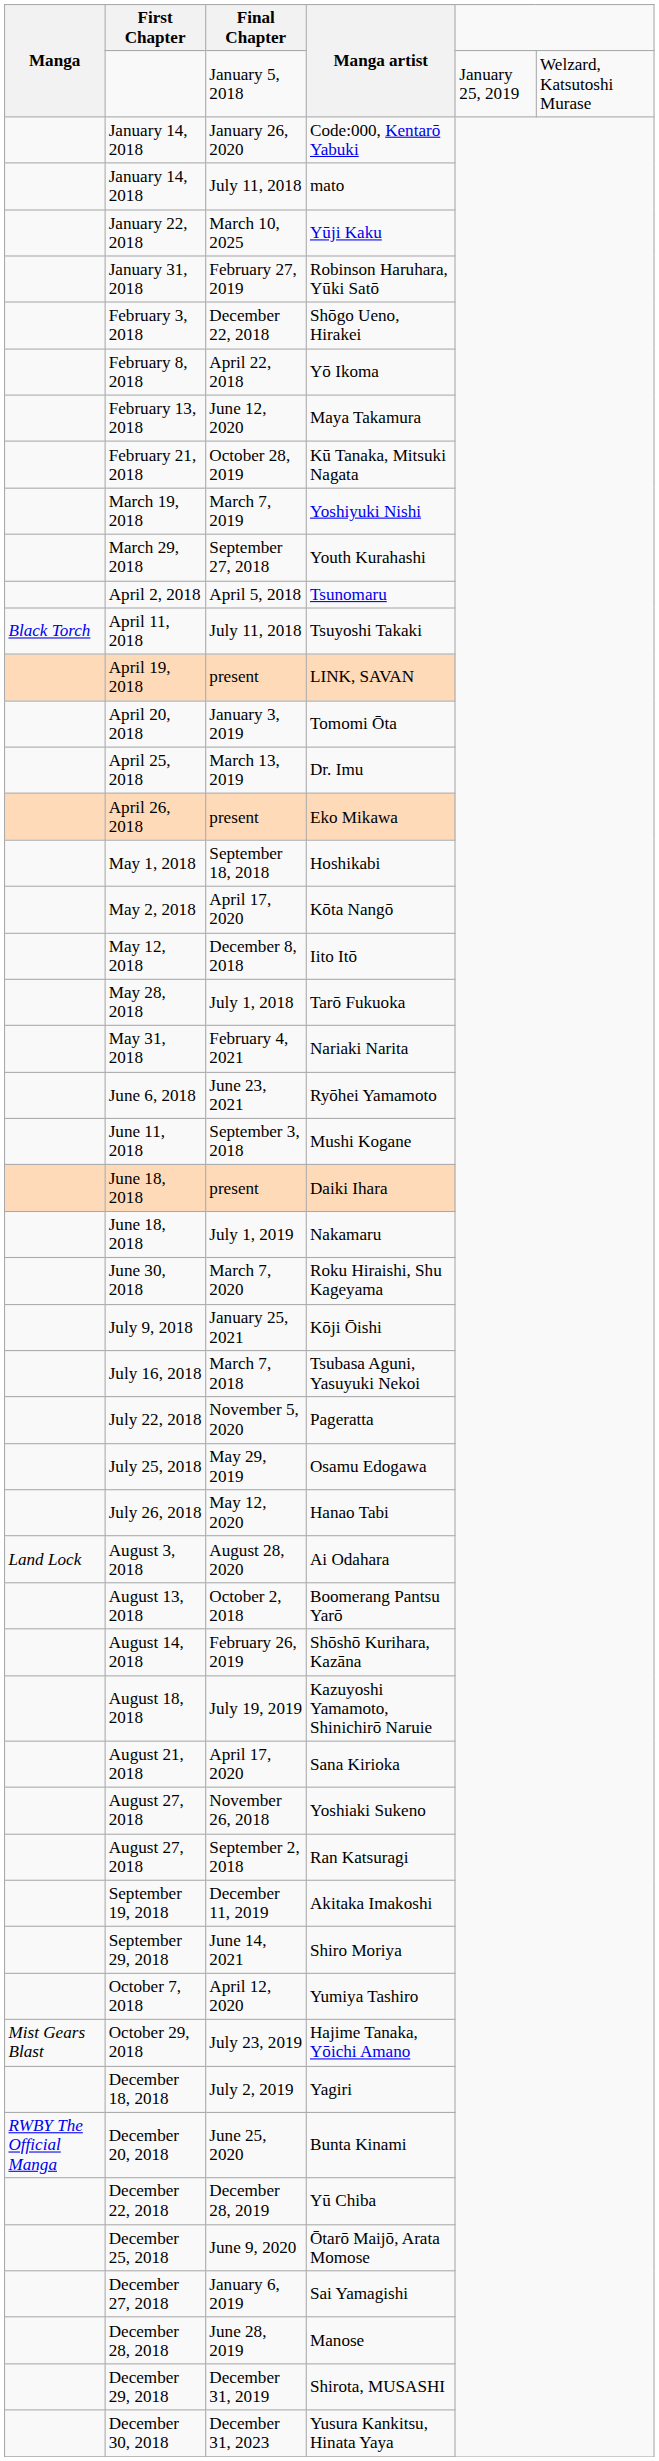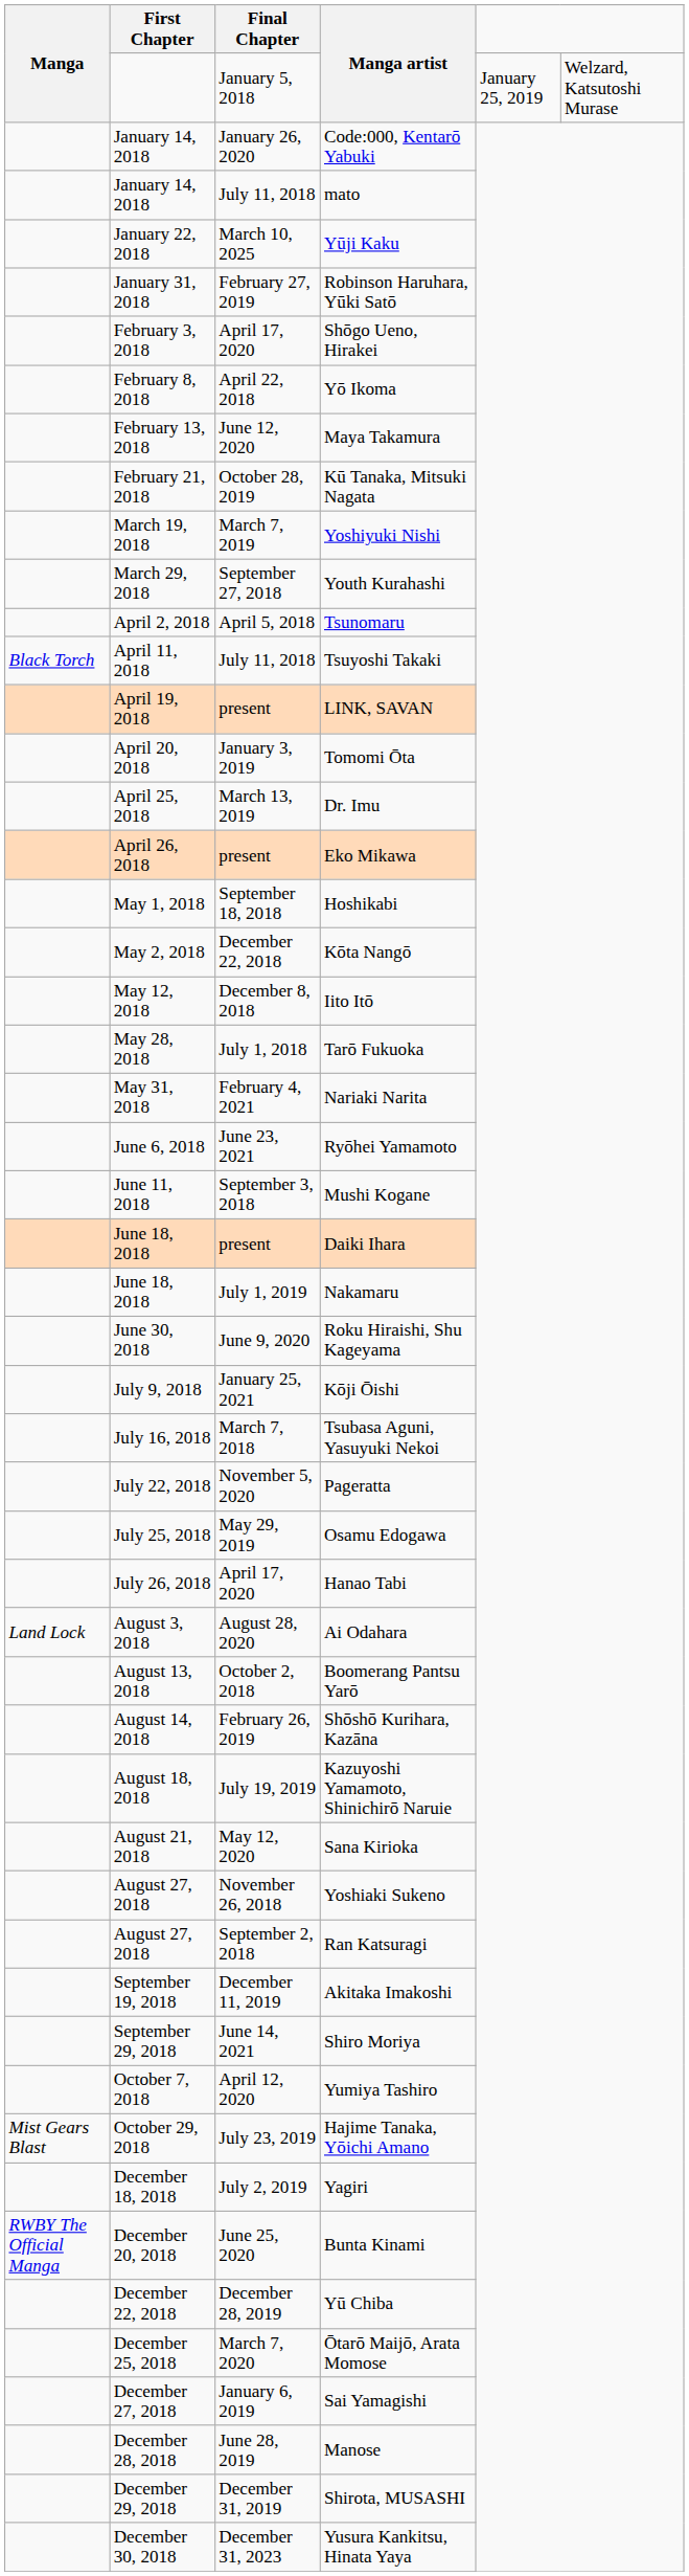 <table class="wikitable sortable">
 <tr>
 <th rowspan="2" scope="col">Manga</th>
 <th colspan="1" scope="col">First Chapter</th>
 <th colspan="1" scope="col">Final Chapter</th>
 <th rowspan="2" scope="col">Manga artist</th>
 </tr>
 <tr>
 <td></td>
 <td>January 5, 2018</td>
 <td>January 25, 2019</td>
 <td>Welzard, Katsutoshi Murase</td>
 </tr>
 <tr>
 <td></td>
 <td>January 14, 2018</td>
 <td>January 26, 2020</td>
 <td>Code:000, <a href='#'>Kentarō Yabuki</a></td>
 </tr>
 <tr>
 <td></td>
 <td>January 14, 2018</td>
 <td>July 11, 2018</td>
 <td>mato</td>
 </tr>
 <tr>
 <td></td>
 <td>January 22, 2018</td>
 <td>March 10, 2025</td>
 <td><a href='#'>Yūji Kaku</a></td>
 </tr>
 <tr>
 <td></td>
 <td>January 31, 2018</td>
 <td>February 27, 2019</td>
 <td>Robinson Haruhara, Yūki Satō</td>
 </tr>
 <tr>
 <td></td>
 <td>February 3, 2018</td>
-<td>December 22, 2018</td>
+<td>April 17, 2020</td>
 <td>Shōgo Ueno, Hirakei</td>
 </tr>
 <tr>
 <td></td>
 <td>February 8, 2018</td>
 <td>April 22, 2018</td>
 <td>Yō Ikoma</td>
 </tr>
 <tr>
 <td></td>
 <td>February 13, 2018</td>
 <td>June 12, 2020</td>
 <td>Maya Takamura</td>
 </tr>
 <tr>
 <td></td>
 <td>February 21, 2018</td>
 <td>October 28, 2019</td>
 <td>Kū Tanaka, Mitsuki Nagata</td>
 </tr>
 <tr>
 <td></td>
 <td>March 19, 2018</td>
 <td>March 7, 2019</td>
 <td><a href='#'>Yoshiyuki Nishi</a></td>
 </tr>
 <tr>
 <td></td>
 <td>March 29, 2018</td>
 <td>September 27, 2018</td>
 <td>Youth Kurahashi</td>
 </tr>
 <tr>
 <td></td>
 <td>April 2, 2018</td>
 <td>April 5, 2018</td>
 <td><a href='#'>Tsunomaru</a></td>
 </tr>
 <tr>
 <td><em><a href='#'>Black Torch</a></em></td>
 <td>April 11, 2018</td>
 <td>July 11, 2018</td>
 <td>Tsuyoshi Takaki</td>
 </tr>
 <tr style="background-color:#FFDAB9;">
 <td></td>
 <td>April 19, 2018</td>
 <td>present</td>
 <td>LINK, SAVAN</td>
 </tr>
 <tr>
 <td></td>
 <td>April 20, 2018</td>
 <td>January 3, 2019</td>
 <td>Tomomi Ōta</td>
 </tr>
 <tr>
 <td></td>
 <td>April 25, 2018</td>
 <td>March 13, 2019</td>
 <td>Dr. Imu</td>
 </tr>
 <tr style="background-color:#FFDAB9;">
 <td></td>
 <td>April 26, 2018</td>
 <td>present</td>
 <td>Eko Mikawa</td>
 </tr>
 <tr>
 <td></td>
 <td>May 1, 2018</td>
 <td>September 18, 2018</td>
 <td>Hoshikabi</td>
 </tr>
 <tr>
 <td></td>
 <td>May 2, 2018</td>
-<td>April 17, 2020</td>
+<td>December 22, 2018</td>
 <td>Kōta Nangō</td>
 </tr>
 <tr>
 <td></td>
 <td>May 12, 2018</td>
 <td>December 8, 2018</td>
 <td>Iito Itō</td>
 </tr>
 <tr>
 <td></td>
 <td>May 28, 2018</td>
 <td>July 1, 2018</td>
 <td>Tarō Fukuoka</td>
 </tr>
 <tr>
 <td></td>
 <td>May 31, 2018</td>
 <td>February 4, 2021</td>
 <td>Nariaki Narita</td>
 </tr>
 <tr>
 <td></td>
 <td>June 6, 2018</td>
 <td>June 23, 2021</td>
 <td>Ryōhei Yamamoto</td>
 </tr>
 <tr>
 <td></td>
 <td>June 11, 2018</td>
 <td>September 3, 2018</td>
 <td>Mushi Kogane</td>
 </tr>
 <tr style="background-color:#FFDAB9;">
 <td></td>
 <td>June 18, 2018</td>
 <td>present</td>
 <td>Daiki Ihara</td>
 </tr>
 <tr>
 <td></td>
 <td>June 18, 2018</td>
 <td>July 1, 2019</td>
 <td>Nakamaru</td>
 </tr>
 <tr>
 <td></td>
 <td>June 30, 2018</td>
-<td>March 7, 2020</td>
+<td>June 9, 2020</td>
 <td>Roku Hiraishi, Shu Kageyama</td>
 </tr>
 <tr>
 <td></td>
 <td>July 9, 2018</td>
 <td>January 25, 2021</td>
 <td>Kōji Ōishi</td>
 </tr>
 <tr>
 <td></td>
 <td>July 16, 2018</td>
 <td>March 7, 2018</td>
 <td>Tsubasa Aguni, Yasuyuki Nekoi</td>
 </tr>
 <tr>
 <td></td>
 <td>July 22, 2018</td>
 <td>November 5, 2020</td>
 <td>Pageratta</td>
 </tr>
 <tr>
 <td></td>
 <td>July 25, 2018</td>
 <td>May 29, 2019</td>
 <td>Osamu Edogawa</td>
 </tr>
 <tr>
 <td></td>
 <td>July 26, 2018</td>
-<td>May 12, 2020</td>
+<td>April 17, 2020</td>
 <td>Hanao Tabi</td>
 </tr>
 <tr>
 <td><em>Land Lock</em></td>
 <td>August 3, 2018</td>
 <td>August 28, 2020</td>
 <td>Ai Odahara</td>
 </tr>
 <tr>
 <td></td>
 <td>August 13, 2018</td>
 <td>October 2, 2018</td>
 <td>Boomerang Pantsu Yarō</td>
 </tr>
 <tr>
 <td></td>
 <td>August 14, 2018</td>
 <td>February 26, 2019</td>
 <td>Shōshō Kurihara, Kazāna</td>
 </tr>
 <tr>
 <td></td>
 <td>August 18, 2018</td>
 <td>July 19, 2019</td>
 <td>Kazuyoshi Yamamoto, Shinichirō Naruie</td>
 </tr>
 <tr>
 <td></td>
 <td>August 21, 2018</td>
-<td>April 17, 2020</td>
+<td>May 12, 2020</td>
 <td>Sana Kirioka</td>
 </tr>
 <tr>
 <td></td>
 <td>August 27, 2018</td>
 <td>November 26, 2018</td>
 <td>Yoshiaki Sukeno</td>
 </tr>
 <tr>
 <td></td>
 <td>August 27, 2018</td>
 <td>September 2, 2018</td>
 <td>Ran Katsuragi</td>
 </tr>
 <tr>
 <td></td>
 <td>September 19, 2018</td>
 <td>December 11, 2019</td>
 <td>Akitaka Imakoshi</td>
 </tr>
 <tr>
 <td></td>
 <td>September 29, 2018</td>
 <td>June 14, 2021</td>
 <td>Shiro Moriya</td>
 </tr>
 <tr>
 <td></td>
 <td>October 7, 2018</td>
 <td>April 12, 2020</td>
 <td>Yumiya Tashiro</td>
 </tr>
 <tr>
 <td><em>Mist Gears Blast</em></td>
 <td>October 29, 2018</td>
 <td>July 23, 2019</td>
 <td>Hajime Tanaka, <a href='#'>Yōichi Amano</a></td>
 </tr>
 <tr>
 <td></td>
 <td>December 18, 2018</td>
 <td>July 2, 2019</td>
 <td>Yagiri</td>
 </tr>
 <tr>
 <td><em><a href='#'>RWBY The Official Manga</a></em></td>
 <td>December 20, 2018</td>
 <td>June 25, 2020</td>
 <td>Bunta Kinami</td>
 </tr>
 <tr>
 <td></td>
 <td>December 22, 2018</td>
 <td>December 28, 2019</td>
 <td>Yū Chiba</td>
 </tr>
 <tr>
 <td></td>
 <td>December 25, 2018</td>
-<td>June 9, 2020</td>
+<td>March 7, 2020</td>
 <td>Ōtarō Maijō, Arata Momose</td>
 </tr>
 <tr>
 <td></td>
 <td>December 27, 2018</td>
 <td>January 6, 2019</td>
 <td>Sai Yamagishi</td>
 </tr>
 <tr>
 <td></td>
 <td>December 28, 2018</td>
 <td>June 28, 2019</td>
 <td>Manose</td>
 </tr>
 <tr>
 <td></td>
 <td>December 29, 2018</td>
 <td>December 31, 2019</td>
 <td>Shirota, MUSASHI</td>
 </tr>
 <tr>
 <td></td>
 <td>December 30, 2018</td>
 <td>December 31, 2023</td>
 <td>Yusura Kankitsu, Hinata Yaya</td>
 </tr>
 <tr>
 </tr>
 </table>
